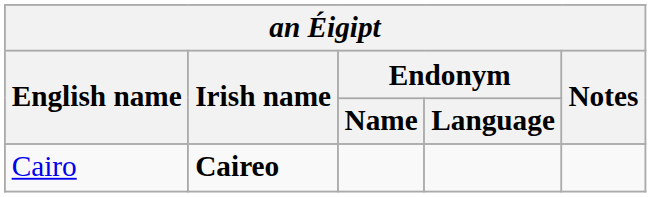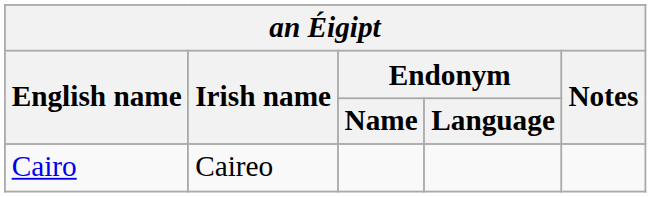 <table class="wikitable sortable">
 <tr>
 <th colspan="5"> <em>an Éigipt</em></th>
 </tr>
 <tr>
 <th rowspan="2">English name</th>
 <th rowspan="2">Irish name</th>
 <th colspan="2">Endonym</th>
 <th rowspan="2">Notes</th>
 </tr>
 <tr>
 <th>Name</th>
 <th>Language</th>
 </tr>
 <tr>
 <td><a href='#'>Cairo</a></td>
-<td><strong>Caireo</strong></td>
+<td>Caireo</td>
 <td></td>
 <td></td>
 <td></td>
 </tr>
 </table>
